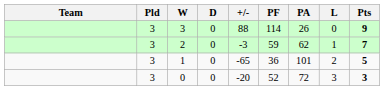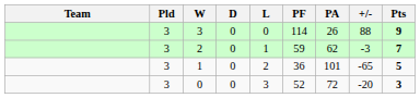 <table class="wikitable" style="text-align: center;">
 <tr>
 <th width="200">Team</th>
 <th width="40">Pld</th>
 <th width="40">W</th>
 <th width="40">D</th>
-<th width="40">+/-</th>
+<th width="40">L</th>
 <th width="40">PF</th>
 <th width="40">PA</th>
-<th width="40">L</th>
+<th width="40">+/-</th>
 <th width="40">Pts</th>
 </tr>
 <tr style="background:#ccffcc;">
 <td style="text-align:left;"></td>
 <td>3</td>
 <td>3</td>
 <td>0</td>
-<td>88</td>
+<td>0</td>
 <td>114</td>
 <td>26</td>
-<td>0</td>
+<td>88</td>
 <td><strong>9</strong></td>
 </tr>
 <tr style="background:#ccffcc;">
 <td style="text-align:left;"></td>
 <td>3</td>
 <td>2</td>
 <td>0</td>
-<td>-3</td>
+<td>1</td>
 <td>59</td>
 <td>62</td>
-<td>1</td>
+<td>-3</td>
 <td><strong>7</strong></td>
 </tr>
 <tr>
 <td style="text-align:left;"></td>
 <td>3</td>
 <td>1</td>
 <td>0</td>
-<td>-65</td>
+<td>2</td>
 <td>36</td>
 <td>101</td>
-<td>2</td>
+<td>-65</td>
 <td><strong>5</strong></td>
 </tr>
 <tr>
 <td style="text-align:left;"></td>
 <td>3</td>
 <td>0</td>
 <td>0</td>
-<td>-20</td>
+<td>3</td>
 <td>52</td>
 <td>72</td>
-<td>3</td>
+<td>-20</td>
 <td><strong>3</strong></td>
 </tr>
 </table>
